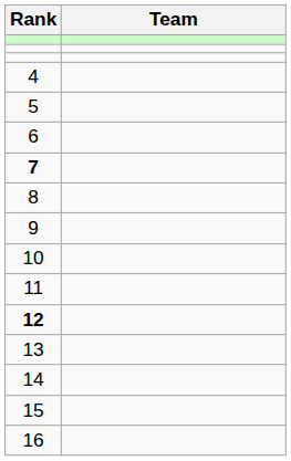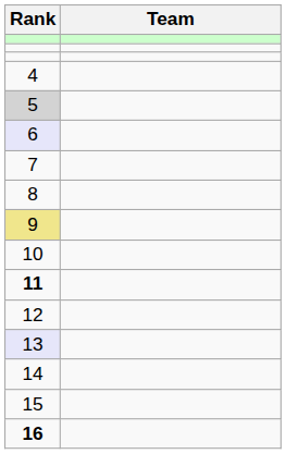 <table class="wikitable" style="text-align: center;">
 <tr>
 <th width=40>Rank</th>
 <th width=180>Team</th>
 </tr>
 <tr align=center bgcolor=#ccffcc>
 <td></td>
 <td style="text-align:left;"></td>
 </tr>
 <tr align=center>
 <td></td>
 <td style="text-align:left;"></td>
 </tr>
 <tr align=center>
 <td></td>
 <td style="text-align:left;"></td>
 </tr>
 <tr align=center>
 <td>4</td>
 <td style="text-align:left;"></td>
 </tr>
 <tr align=center>
-<td>5</td>
+<td style="background: lightgrey;">5</td>
 <td style="text-align:left;"></td>
 </tr>
 <tr align=center>
-<td>6</td>
+<td style="background: lavender;">6</td>
 <td style="text-align:left;"></td>
 </tr>
 <tr align=center>
-<td><strong>7</strong></td>
+<td>7</td>
 <td style="text-align:left;"></td>
 </tr>
 <tr align=center>
 <td>8</td>
 <td style="text-align:left;"></td>
 </tr>
 <tr align=center>
-<td>9</td>
+<td style="background: khaki;">9</td>
 <td style="text-align:left;"></td>
 </tr>
 <tr align=center>
 <td>10</td>
 <td style="text-align:left;"></td>
 </tr>
 <tr align=center>
-<td>11</td>
+<td><strong>11</strong></td>
 <td style="text-align:left;"></td>
 </tr>
 <tr align=center>
-<td><strong>12</strong></td>
+<td>12</td>
 <td style="text-align:left;"></td>
 </tr>
 <tr align=center>
-<td>13</td>
+<td style="background: lavender;">13</td>
 <td style="text-align:left;"></td>
 </tr>
 <tr align=center>
 <td>14</td>
 <td style="text-align:left;"></td>
 </tr>
 <tr align=center>
 <td>15</td>
 <td style="text-align:left;"></td>
 </tr>
 <tr align=center>
-<td>16</td>
+<td><strong>16</strong></td>
 <td style="text-align:left;"></td>
 </tr>
 </table>
